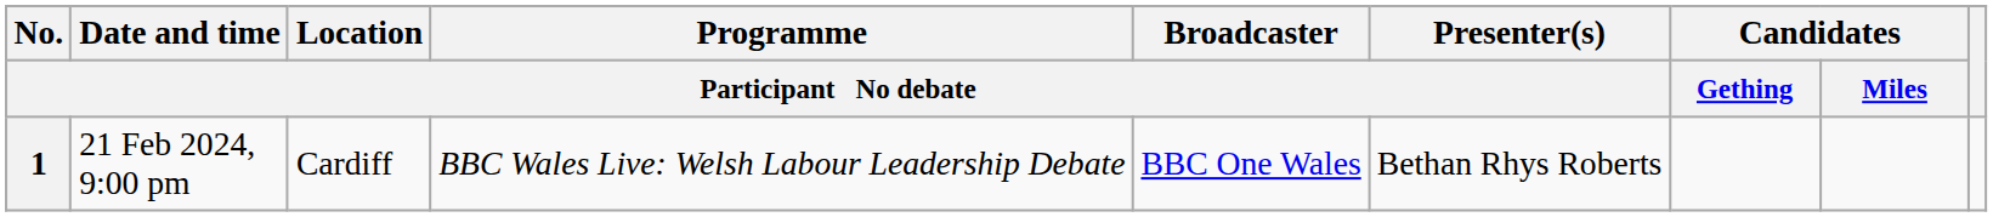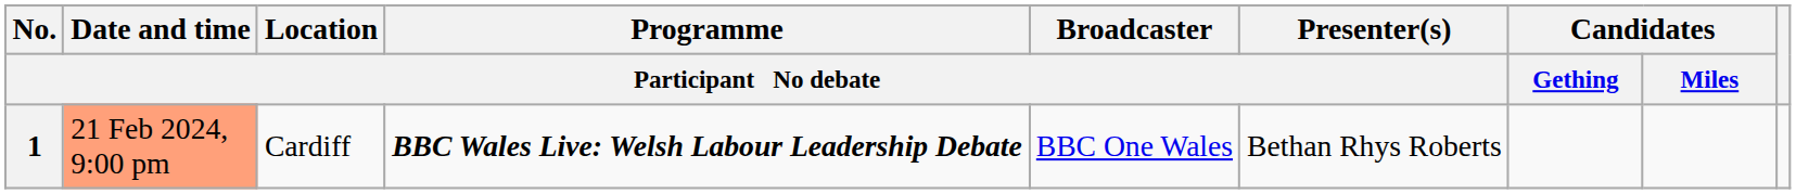 <table class="wikitable" style="font-size:85%">
 <tr>
 <th style="white-space:nowrap;">No.</th>
 <th>Date and time</th>
 <th>Location</th>
 <th>Programme</th>
 <th>Broadcaster</th>
 <th>Presenter(s)</th>
 <th colspan="2" scope="col">Candidates</th>
 <th rowspan="2"></th>
 </tr>
 <tr>
 <th colspan="6"><small> Participant    No debate</small></th>
 <th scope="col" style="width:4em;"><small><a href='#'>Gething</a></small></th>
 <th scope="col" style="width:4em;"><small><a href='#'>Miles</a></small></th>
 </tr>
 <tr>
 <th>1</th>
-<td style="white-space:nowrap;">21 Feb 2024,<br>9:00 pm</td>
+<td style="background: lightsalmon; white-space:nowrap;">21 Feb 2024,<br>9:00 pm</td>
 <td style="white-space:nowrap;">Cardiff</td>
-<td style="white-space;"><em>BBC Wales Live: Welsh Labour Leadership Debate</em></td>
+<td style="white-space;"><strong><em>BBC Wales Live: Welsh Labour Leadership Debate</em></strong></td>
 <td style="white-space:nowrap;"><a href='#'>BBC One Wales</a></td>
 <td style="white-space:nowrap;">Bethan Rhys Roberts</td>
 <td></td>
 <td></td>
 <td></td>
 </tr>
 </table>
